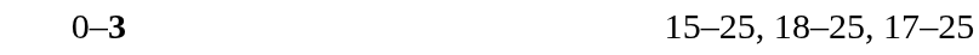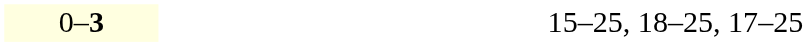 <table>
 <tr>
 <th width=200></th>
 <th width=80></th>
 <th width=200></th>
 <th width=220></th>
 </tr>
 <tr>
 <td align=right></td>
-<td align=center>0–<strong>3</strong></td>
+<td align=center style="background: lightyellow;">0–<strong>3</strong></td>
 <td><strong></strong></td>
 <td>15–25, 18–25, 17–25</td>
 </tr>
 </table>
